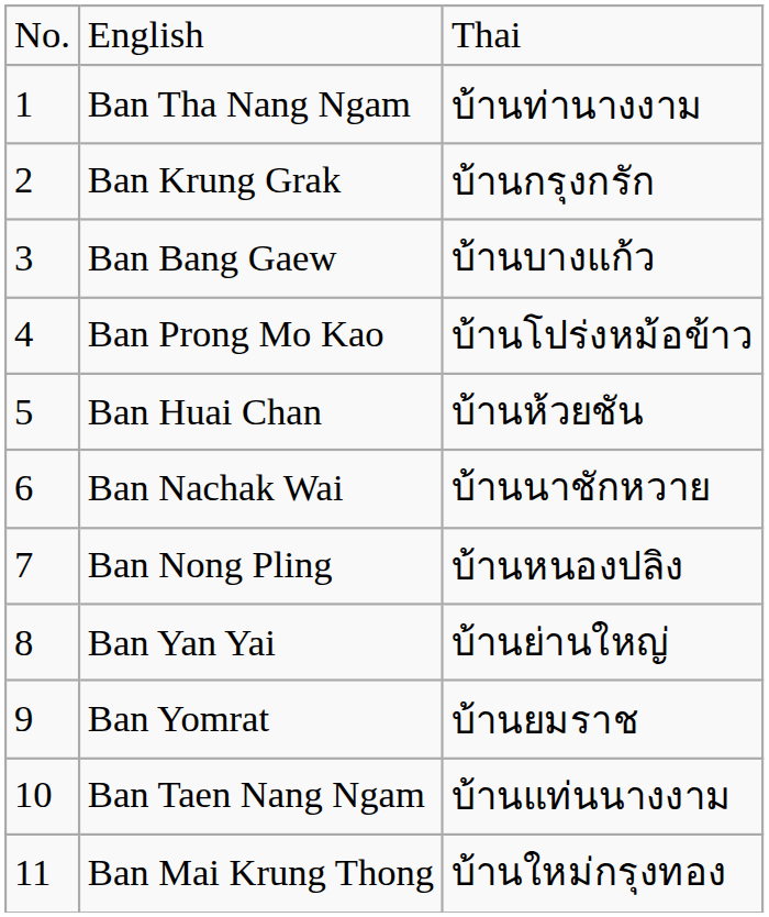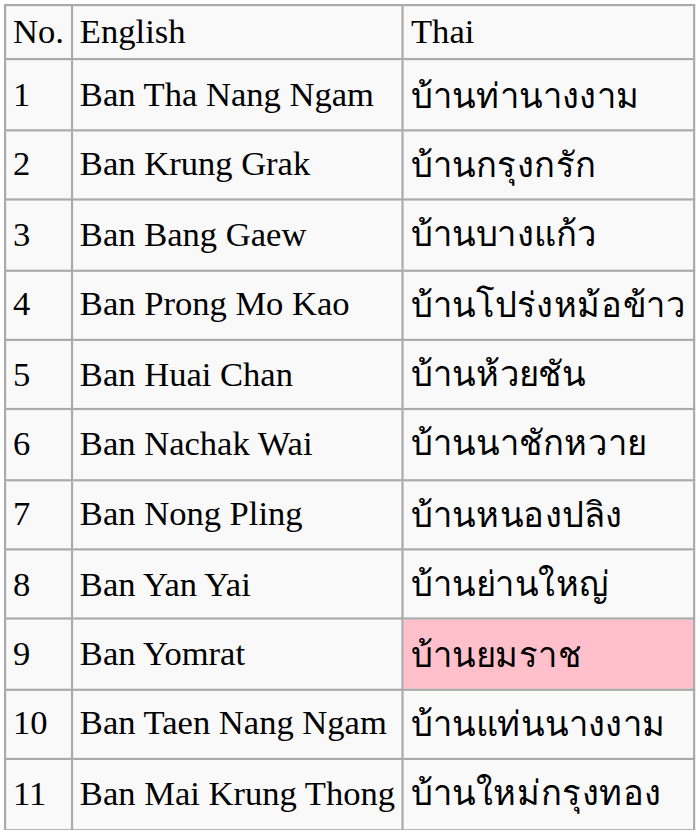 <table class="wikitable">
 <tr>
 <td>No.</td>
 <td>English</td>
 <td>Thai</td>
 </tr>
 <tr>
 <td>1</td>
 <td>Ban Tha Nang Ngam</td>
 <td>บ้านท่านางงาม</td>
 </tr>
 <tr>
 <td>2</td>
 <td>Ban Krung Grak</td>
 <td>บ้านกรุงกรัก</td>
 </tr>
 <tr>
 <td>3</td>
 <td>Ban Bang Gaew</td>
 <td>บ้านบางแก้ว</td>
 </tr>
 <tr>
 <td>4</td>
 <td>Ban Prong Mo Kao</td>
 <td>บ้านโปร่งหม้อข้าว</td>
 </tr>
 <tr>
 <td>5</td>
 <td>Ban Huai Chan</td>
 <td>บ้านห้วยชัน</td>
 </tr>
 <tr>
 <td>6</td>
 <td>Ban Nachak Wai</td>
 <td>บ้านนาชักหวาย</td>
 </tr>
 <tr>
 <td>7</td>
 <td>Ban Nong Pling</td>
 <td>บ้านหนองปลิง</td>
 </tr>
 <tr>
 <td>8</td>
 <td>Ban Yan Yai</td>
 <td>บ้านย่านใหญ่</td>
 </tr>
 <tr>
 <td>9</td>
 <td>Ban Yomrat</td>
-<td>บ้านยมราช</td>
+<td style="background: pink;">บ้านยมราช</td>
 </tr>
 <tr>
 <td>10</td>
 <td>Ban Taen Nang Ngam</td>
 <td>บ้านแท่นนางงาม</td>
 </tr>
 <tr>
 <td>11</td>
 <td>Ban Mai Krung Thong</td>
 <td>บ้านใหม่กรุงทอง</td>
 </tr>
 </table>
